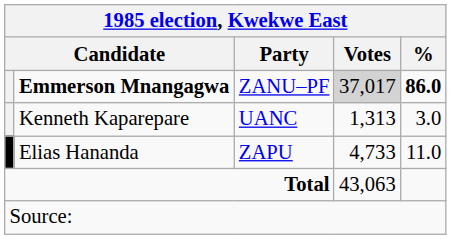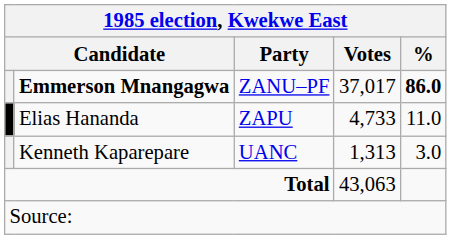 <table class="wikitable">
 <tr>
 <th colspan="5"><a href='#'>1985 election</a>, <a href='#'>Kwekwe East</a></th>
 </tr>
 <tr>
 <th colspan="2">Candidate</th>
 <th>Party</th>
 <th>Votes</th>
 <th>%</th>
 </tr>
 <tr>
 <th style="background-color: "></th>
 <td><strong>Emmerson Mnangagwa</strong></td>
 <td><a href='#'>ZANU–PF</a></td>
-<td style="background: lightgrey; text-align:right">37,017</td>
+<td style="text-align:right">37,017</td>
 <td style="text-align:right"><strong>86.0</strong></td>
+</tr>
+<tr>
+<th style="background-color:#010100"></th>
+<td>Elias Hananda</td>
+<td><a href='#'>ZAPU</a></td>
+<td style="text-align:right">4,733</td>
+<td style="text-align:right">11.0</td>
 </tr>
 <tr>
 <th style="background-color: "></th>
 <td>Kenneth Kaparepare</td>
 <td><a href='#'>UANC</a></td>
 <td style="text-align:right">1,313</td>
 <td style="text-align:right">3.0</td>
-</tr>
-<tr>
-<th style="background-color:#010100"></th>
-<td>Elias Hananda</td>
-<td><a href='#'>ZAPU</a></td>
-<td style="text-align:right">4,733</td>
-<td style="text-align:right">11.0</td>
 </tr>
 <tr>
 <td colspan="3" style="text-align:right"><strong>Total</strong></td>
 <td style="text-align:right">43,063</td>
 <td style="text-align:right"></td>
 </tr>
 <tr>
 <td colspan="5">Source:</td>
 </tr>
 </table>
